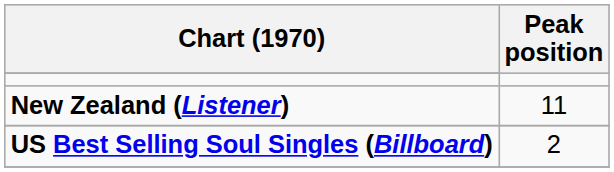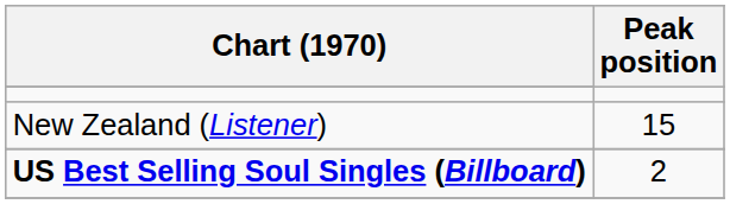 <table class="wikitable sortable">
 <tr>
 <th>Chart (1970)</th>
 <th>Peak<br>position</th>
 </tr>
 <tr>
 </tr>
 <tr>
 </tr>
 <tr>
 </tr>
 <tr>
 </tr>
 <tr>
 <td></td>
 </tr>
 <tr>
-<td><strong>New Zealand (<em><a href='#'>Listener</a></em>) </strong></td>
-<td style="text-align:center;">11</td>
+<td>New Zealand (<em><a href='#'>Listener</a></em>) </td>
+<td style="text-align:center;">15</td>
 </tr>
 <tr>
 </tr>
 <tr>
 </tr>
 <tr>
 </tr>
 <tr>
 <td scope="row"><strong>US <a href='#'>Best Selling Soul Singles</a> (<em><a href='#'>Billboard</a></em>)</strong></td>
 <td align="center">2</td>
 </tr>
 <tr>
 </tr>
 </table>
